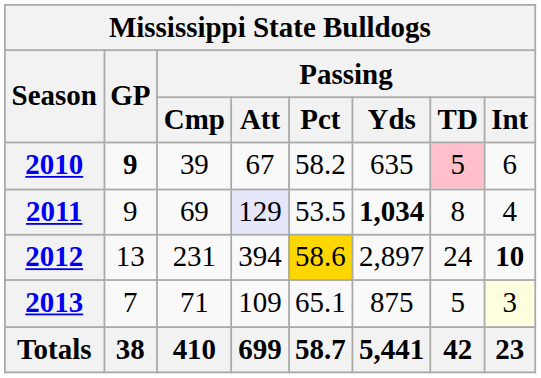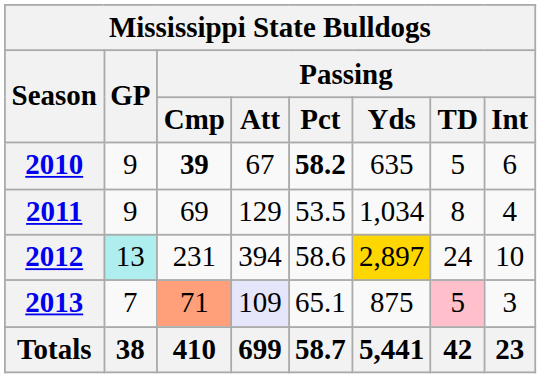 <table class=wikitable style="text-align:center;">
 <tr>
 <th colspan="15">Mississippi State Bulldogs</th>
 </tr>
 <tr>
 <th rowspan="2">Season</th>
 <th rowspan="2">GP</th>
 <th colspan="6">Passing</th>
 </tr>
 <tr>
 <th>Cmp</th>
 <th>Att</th>
 <th>Pct</th>
 <th>Yds</th>
 <th>TD</th>
 <th>Int</th>
 </tr>
 <tr>
 <th><a href='#'>2010</a></th>
-<td><strong>9</strong></td>
-<td>39</td>
+<td>9</td>
+<td><strong>39</strong></td>
 <td>67</td>
-<td>58.2</td>
+<td><strong>58.2</strong></td>
 <td>635</td>
-<td style="background: pink;">5</td>
+<td>5</td>
 <td>6</td>
 </tr>
 <tr>
 <th><a href='#'>2011</a></th>
 <td>9</td>
 <td>69</td>
-<td style="background: lavender;">129</td>
+<td>129</td>
 <td>53.5</td>
-<td><strong>1,034</strong></td>
+<td>1,034</td>
 <td>8</td>
 <td>4</td>
 </tr>
 <tr>
 <th><a href='#'>2012</a></th>
-<td>13</td>
+<td style="background: paleturquoise;">13</td>
 <td>231</td>
 <td>394</td>
-<td style="background: gold;">58.6</td>
-<td>2,897</td>
+<td>58.6</td>
+<td style="background: gold;">2,897</td>
 <td>24</td>
-<td><strong>10</strong></td>
+<td>10</td>
 </tr>
 <tr>
 <th><a href='#'>2013</a></th>
 <td>7</td>
-<td>71</td>
-<td>109</td>
+<td style="background: lightsalmon;">71</td>
+<td style="background: lavender;">109</td>
 <td>65.1</td>
 <td>875</td>
-<td>5</td>
-<td style="background: lightyellow;">3</td>
+<td style="background: pink;">5</td>
+<td>3</td>
 </tr>
 <tr>
 <th>Totals</th>
 <th>38</th>
 <th>410</th>
 <th>699</th>
 <th>58.7</th>
 <th>5,441</th>
 <th>42</th>
 <th>23</th>
 </tr>
 </table>
